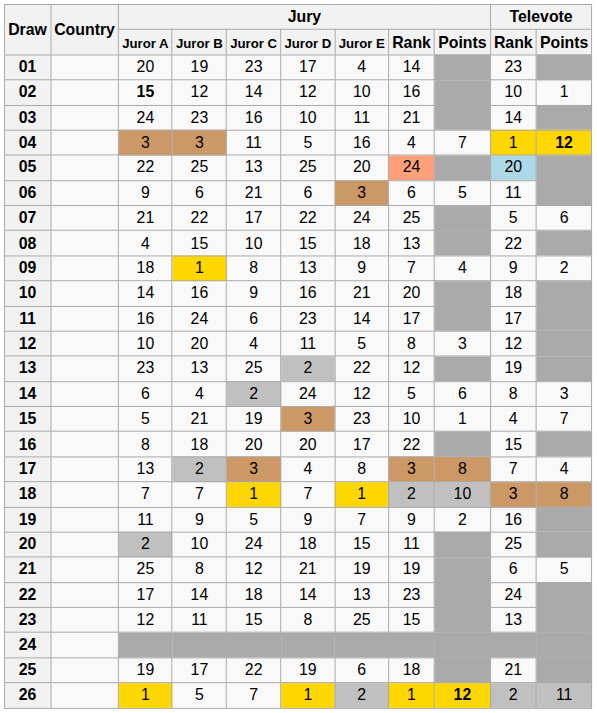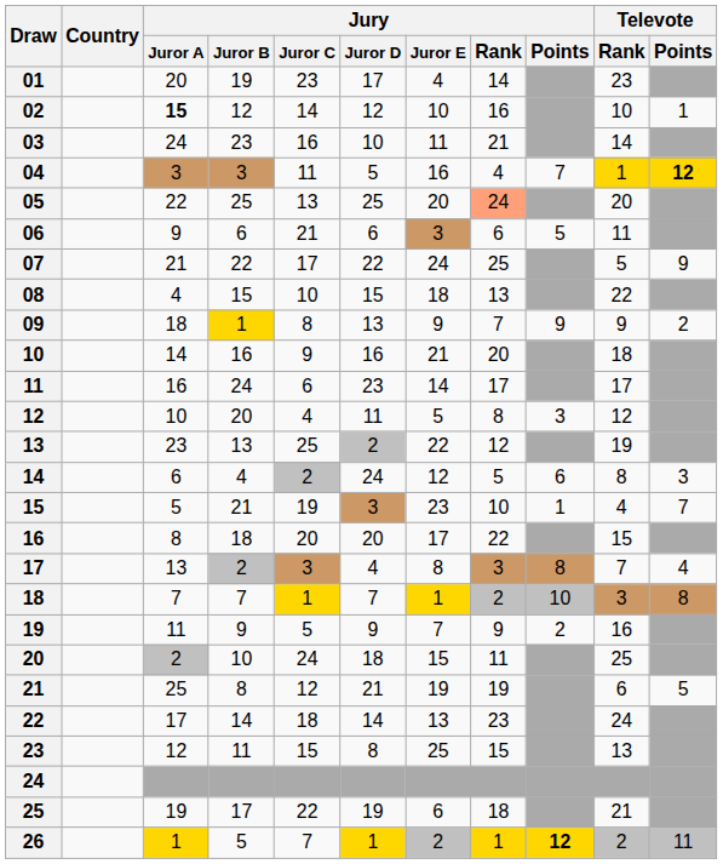 <table class="sortable wikitable collapsible plainrowheaders" style="text-align:center;">
 <tr>
 </tr>
 <tr>
 <th scope="col" rowspan="2">Draw</th>
 <th scope="col" rowspan="2">Country</th>
 <th scope="col" colspan="7">Jury</th>
 <th scope="col" colspan="2">Televote</th>
 </tr>
 <tr>
 <th scope="col"><small>Juror A</small></th>
 <th scope="col"><small>Juror B</small></th>
 <th scope="col"><small>Juror C</small></th>
 <th scope="col"><small>Juror D</small></th>
 <th scope="col"><small>Juror E</small></th>
 <th scope="col">Rank</th>
 <th scope="col" class="unsortable">Points</th>
 <th scope="col">Rank</th>
 <th scope="col" class="unsortable">Points</th>
 </tr>
 <tr>
 <th scope="row" style="text-align:center;">01</th>
 <td style="text-align:left;"></td>
 <td>20</td>
 <td>19</td>
 <td>23</td>
 <td>17</td>
 <td>4</td>
 <td>14</td>
 <td style="background:#AAAAAA;"></td>
 <td>23</td>
 <td style="background:#AAAAAA;"></td>
 </tr>
 <tr>
 <th scope="row" style="text-align:center;">02</th>
 <td style="text-align:left;"></td>
 <td><strong>15</strong></td>
 <td>12</td>
 <td>14</td>
 <td>12</td>
 <td>10</td>
 <td>16</td>
 <td style="background:#AAAAAA;"></td>
 <td>10</td>
 <td>1</td>
 </tr>
 <tr>
 <th scope="row" style="text-align:center;">03</th>
 <td style="text-align:left;"></td>
 <td>24</td>
 <td>23</td>
 <td>16</td>
 <td>10</td>
 <td>11</td>
 <td>21</td>
 <td style="background:#AAAAAA;"></td>
 <td>14</td>
 <td style="background:#AAAAAA;"></td>
 </tr>
 <tr>
 <th scope="row" style="text-align:center;">04</th>
 <td style="text-align:left;"></td>
 <td style="background:#CC9966;">3</td>
 <td style="background:#CC9966;">3</td>
 <td>11</td>
 <td>5</td>
 <td>16</td>
 <td>4</td>
 <td>7</td>
 <td style="background:gold;">1</td>
 <td style="background:gold;"><strong>12</strong></td>
 </tr>
 <tr>
 <th scope="row" style="text-align:center;">05</th>
 <td style="text-align:left;"></td>
 <td>22</td>
 <td>25</td>
 <td>13</td>
 <td>25</td>
 <td>20</td>
 <td style="background: lightsalmon;">24</td>
 <td style="background:#AAAAAA;"></td>
-<td style="background: lightblue;">20</td>
+<td>20</td>
 <td style="background:#AAAAAA;"></td>
 </tr>
 <tr>
 <th scope="row" style="text-align:center;">06</th>
 <td style="text-align:left;"></td>
 <td>9</td>
 <td>6</td>
 <td>21</td>
 <td>6</td>
 <td style="background:#CC9966;">3</td>
 <td>6</td>
 <td>5</td>
 <td>11</td>
 <td style="background:#AAAAAA;"></td>
 </tr>
 <tr>
 <th scope="row" style="text-align:center;">07</th>
 <td style="text-align:left;"></td>
 <td>21</td>
 <td>22</td>
 <td>17</td>
 <td>22</td>
 <td>24</td>
 <td>25</td>
 <td style="background:#AAAAAA;"></td>
 <td>5</td>
-<td>6</td>
+<td>9</td>
 </tr>
 <tr>
 <th scope="row" style="text-align:center;">08</th>
 <td style="text-align:left;"></td>
 <td>4</td>
 <td>15</td>
 <td>10</td>
 <td>15</td>
 <td>18</td>
 <td>13</td>
 <td style="background:#AAAAAA;"></td>
 <td>22</td>
 <td style="background:#AAAAAA;"></td>
 </tr>
 <tr>
 <th scope="row" style="text-align:center;">09</th>
 <td style="text-align:left;"></td>
 <td>18</td>
 <td style="background:gold;">1</td>
 <td>8</td>
 <td>13</td>
 <td>9</td>
 <td>7</td>
-<td>4</td>
+<td>9</td>
 <td>9</td>
 <td>2</td>
 </tr>
 <tr>
 <th scope="row" style="text-align:center;">10</th>
 <td style="text-align:left;"></td>
 <td>14</td>
 <td>16</td>
 <td>9</td>
 <td>16</td>
 <td>21</td>
 <td>20</td>
 <td style="background:#AAAAAA;"></td>
 <td>18</td>
 <td style="background:#AAAAAA;"></td>
 </tr>
 <tr>
 <th scope="row" style="text-align:center;">11</th>
 <td style="text-align:left;"></td>
 <td>16</td>
 <td>24</td>
 <td>6</td>
 <td>23</td>
 <td>14</td>
 <td>17</td>
 <td style="background:#AAAAAA;"></td>
 <td>17</td>
 <td style="background:#AAAAAA;"></td>
 </tr>
 <tr>
 <th scope="row" style="text-align:center;">12</th>
 <td style="text-align:left;"></td>
 <td>10</td>
 <td>20</td>
 <td>4</td>
 <td>11</td>
 <td>5</td>
 <td>8</td>
 <td>3</td>
 <td>12</td>
 <td style="background:#AAAAAA;"></td>
 </tr>
 <tr>
 <th scope="row" style="text-align:center;">13</th>
 <td style="text-align:left;"></td>
 <td>23</td>
 <td>13</td>
 <td>25</td>
 <td style="background:silver;">2</td>
 <td>22</td>
 <td>12</td>
 <td style="background:#AAAAAA;"></td>
 <td>19</td>
 <td style="background:#AAAAAA;"></td>
 </tr>
 <tr>
 <th scope="row" style="text-align:center;">14</th>
 <td style="text-align:left;"></td>
 <td>6</td>
 <td>4</td>
 <td style="background:silver;">2</td>
 <td>24</td>
 <td>12</td>
 <td>5</td>
 <td>6</td>
 <td>8</td>
 <td>3</td>
 </tr>
 <tr>
 <th scope="row" style="text-align:center;">15</th>
 <td style="text-align:left;"></td>
 <td>5</td>
 <td>21</td>
 <td>19</td>
 <td style="background:#CC9966;">3</td>
 <td>23</td>
 <td>10</td>
 <td>1</td>
 <td>4</td>
 <td>7</td>
 </tr>
 <tr>
 <th scope="row" style="text-align:center;">16</th>
 <td style="text-align:left;"></td>
 <td>8</td>
 <td>18</td>
 <td>20</td>
 <td>20</td>
 <td>17</td>
 <td>22</td>
 <td style="background:#AAAAAA;"></td>
 <td>15</td>
 <td style="background:#AAAAAA;"></td>
 </tr>
 <tr>
 <th scope="row" style="text-align:center;">17</th>
 <td style="text-align:left;"></td>
 <td>13</td>
 <td style="background:silver;">2</td>
 <td style="background:#CC9966;">3</td>
 <td>4</td>
 <td>8</td>
 <td style="background:#CC9966;">3</td>
 <td style="background:#CC9966;">8</td>
 <td>7</td>
 <td>4</td>
 </tr>
 <tr>
 <th scope="row" style="text-align:center;">18</th>
 <td style="text-align:left;"></td>
 <td>7</td>
 <td>7</td>
 <td style="background:gold;">1</td>
 <td>7</td>
 <td style="background:gold;">1</td>
 <td style="background:silver;">2</td>
 <td style="background:silver;">10</td>
 <td style="background:#CC9966;">3</td>
 <td style="background:#CC9966;">8</td>
 </tr>
 <tr>
 <th scope="row" style="text-align:center;">19</th>
 <td style="text-align:left;"></td>
 <td>11</td>
 <td>9</td>
 <td>5</td>
 <td>9</td>
 <td>7</td>
 <td>9</td>
 <td>2</td>
 <td>16</td>
 <td style="background:#AAAAAA;"></td>
 </tr>
 <tr>
 <th scope="row" style="text-align:center;">20</th>
 <td style="text-align:left;"></td>
 <td style="background:silver;">2</td>
 <td>10</td>
 <td>24</td>
 <td>18</td>
 <td>15</td>
 <td>11</td>
 <td style="background:#AAAAAA;"></td>
 <td>25</td>
 <td style="background:#AAAAAA;"></td>
 </tr>
 <tr>
 <th scope="row" style="text-align:center;">21</th>
 <td style="text-align:left;"></td>
 <td>25</td>
 <td>8</td>
 <td>12</td>
 <td>21</td>
 <td>19</td>
 <td>19</td>
 <td style="background:#AAAAAA;"></td>
 <td>6</td>
 <td>5</td>
 </tr>
 <tr>
 <th scope="row" style="text-align:center;">22</th>
 <td style="text-align:left;"></td>
 <td>17</td>
 <td>14</td>
 <td>18</td>
 <td>14</td>
 <td>13</td>
 <td>23</td>
 <td style="background:#AAAAAA;"></td>
 <td>24</td>
 <td style="background:#AAAAAA;"></td>
 </tr>
 <tr>
 <th scope="row" style="text-align:center;">23</th>
 <td style="text-align:left;"></td>
 <td>12</td>
 <td>11</td>
 <td>15</td>
 <td>8</td>
 <td>25</td>
 <td>15</td>
 <td style="background:#AAAAAA;"></td>
 <td>13</td>
 <td style="background:#AAAAAA;"></td>
 </tr>
 <tr class=sortbottom>
 <th scope="row" style="text-align:center;">24</th>
 <td style="text-align:left;"></td>
 <td style="background:#AAAAAA;"></td>
 <td style="background:#AAAAAA;"></td>
 <td style="background:#AAAAAA;"></td>
 <td style="background:#AAAAAA;"></td>
 <td style="background:#AAAAAA;"></td>
 <td style="background:#AAAAAA;"></td>
 <td style="background:#AAAAAA;"></td>
 <td style="background:#AAAAAA;"></td>
 <td style="background:#AAAAAA;"></td>
 </tr>
 <tr>
 <th scope="row" style="text-align:center;">25</th>
 <td style="text-align:left;"></td>
 <td>19</td>
 <td>17</td>
 <td>22</td>
 <td>19</td>
 <td>6</td>
 <td>18</td>
 <td style="background:#AAAAAA;"></td>
 <td>21</td>
 <td style="background:#AAAAAA;"></td>
 </tr>
 <tr>
 <th scope="row" style="text-align:center;">26</th>
 <td style="text-align:left;"></td>
 <td style="background:gold;">1</td>
 <td>5</td>
 <td>7</td>
 <td style="background:gold;">1</td>
 <td style="background:silver;">2</td>
 <td style="background:gold;">1</td>
 <td style="background:gold;"><strong>12</strong></td>
 <td style="background:silver;">2</td>
 <td style="background:silver;">11</td>
 </tr>
 </table>
